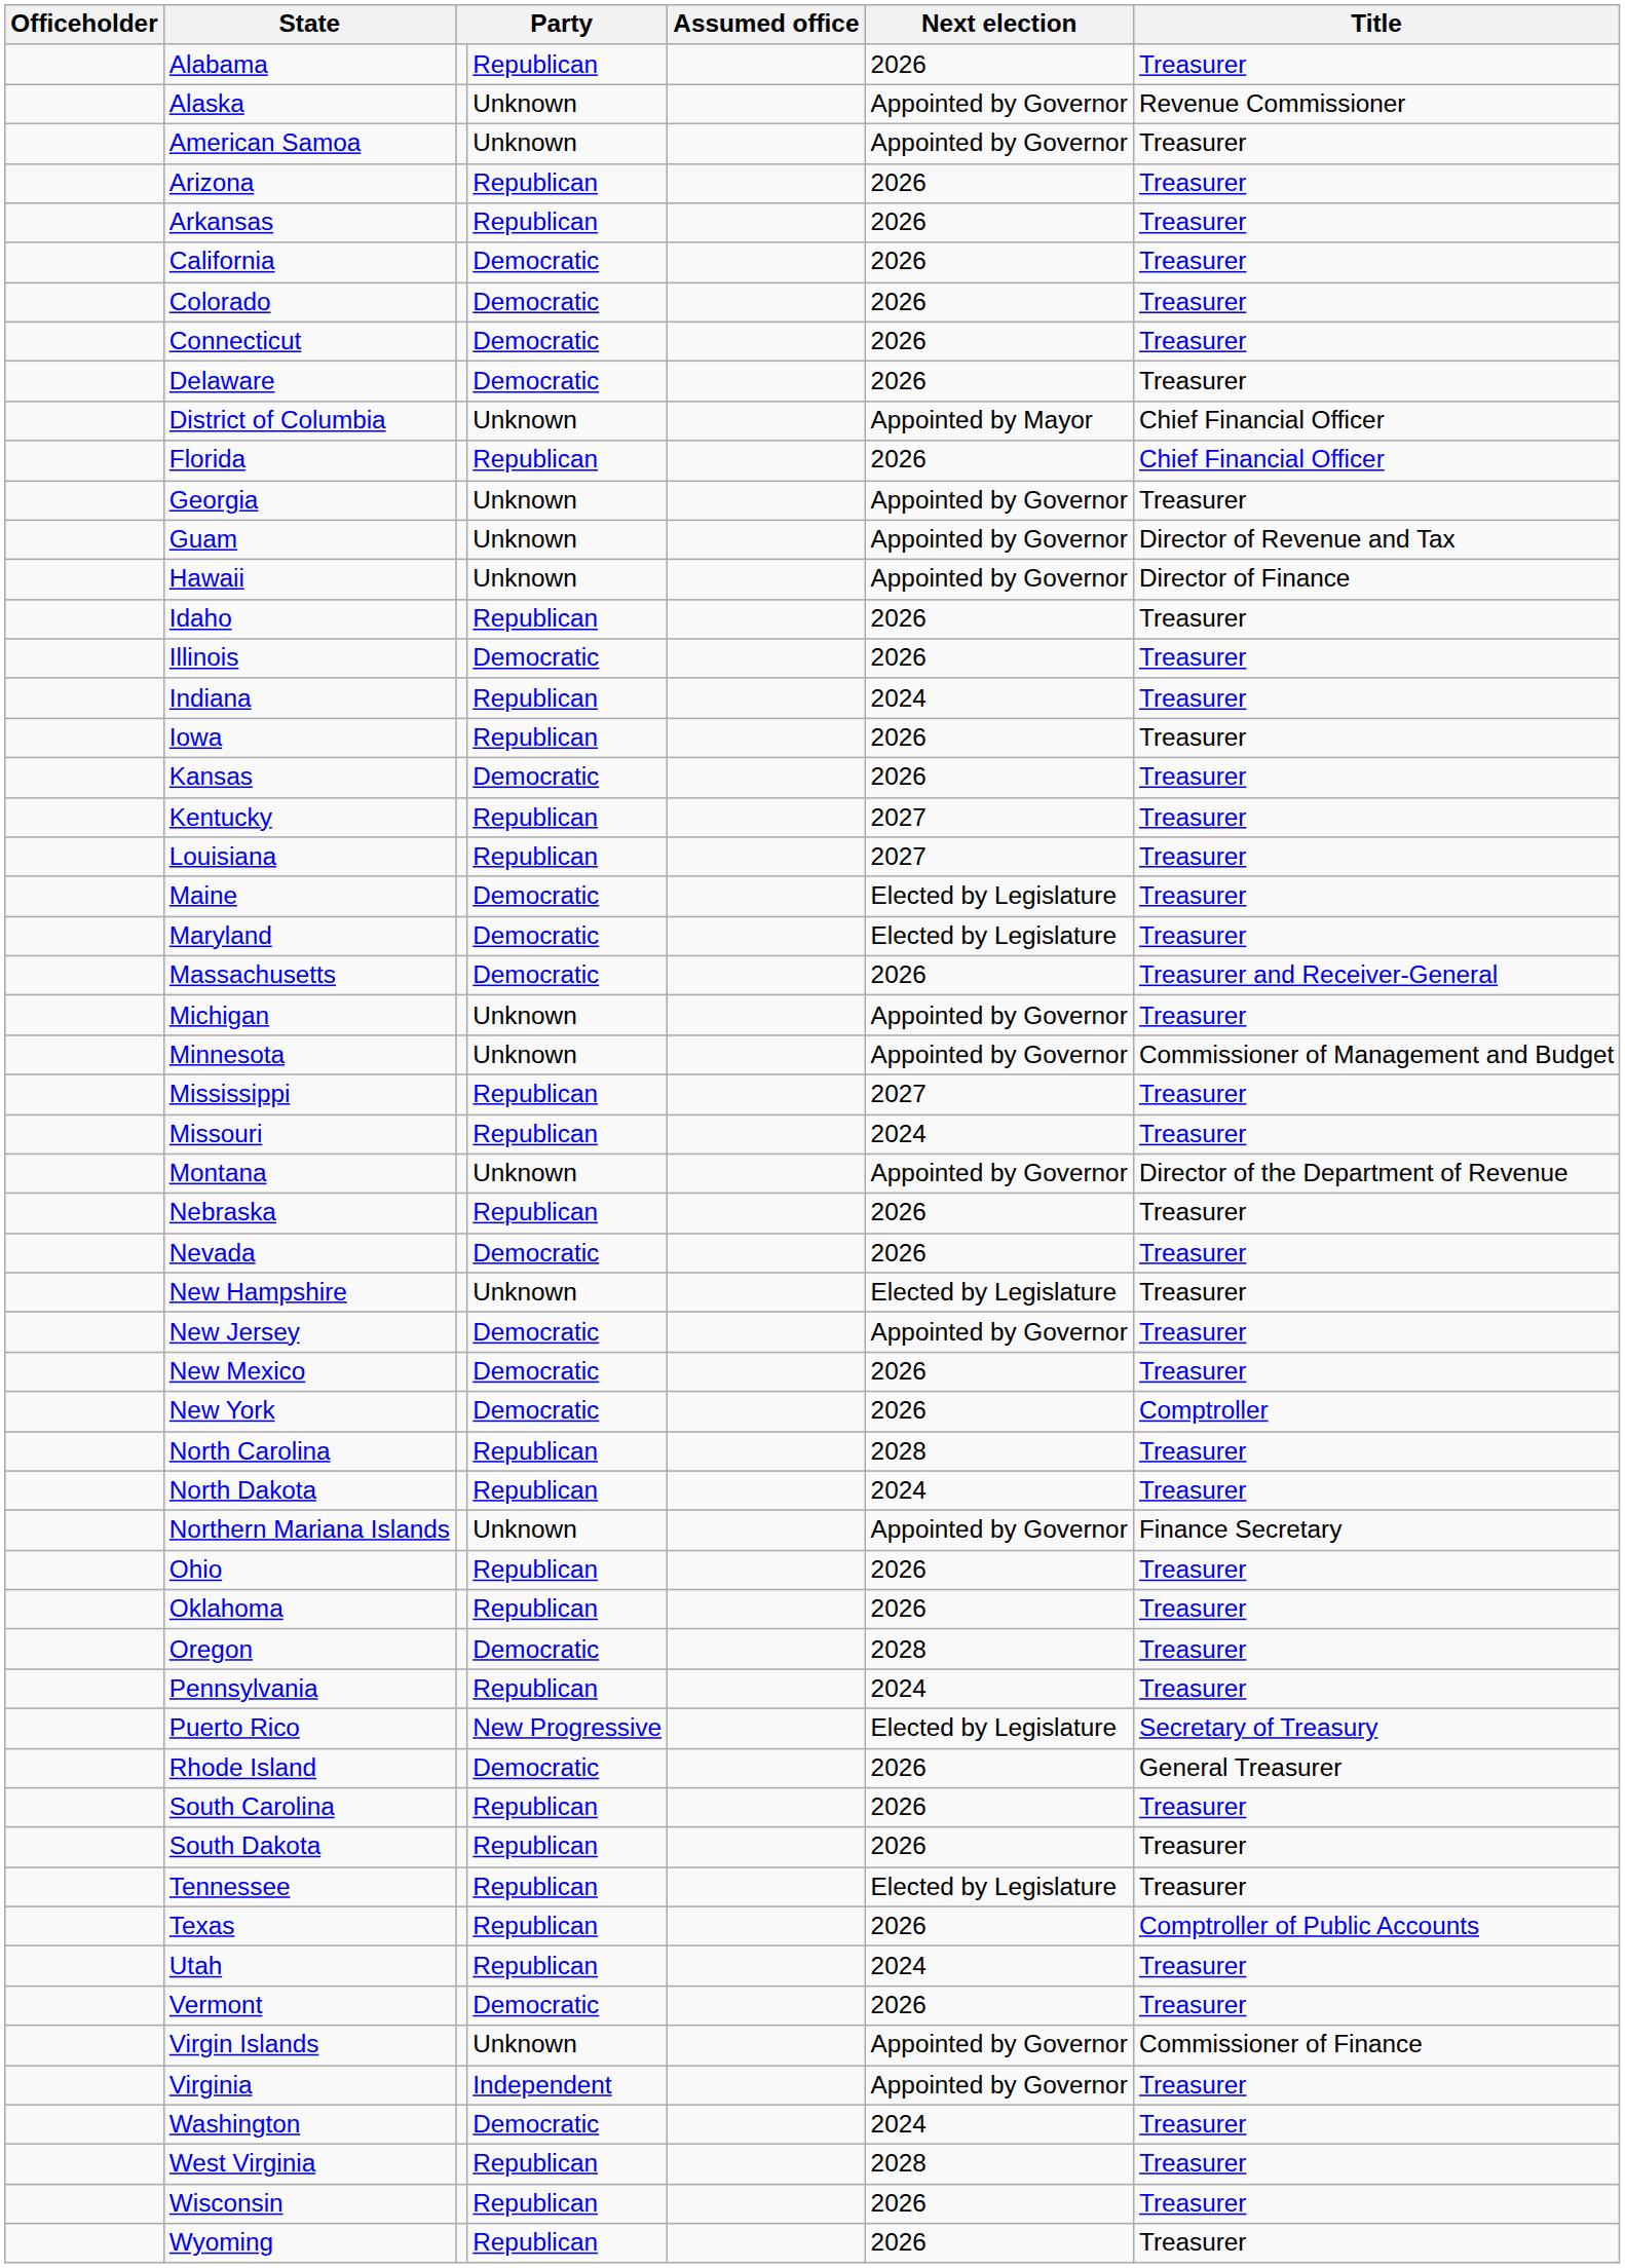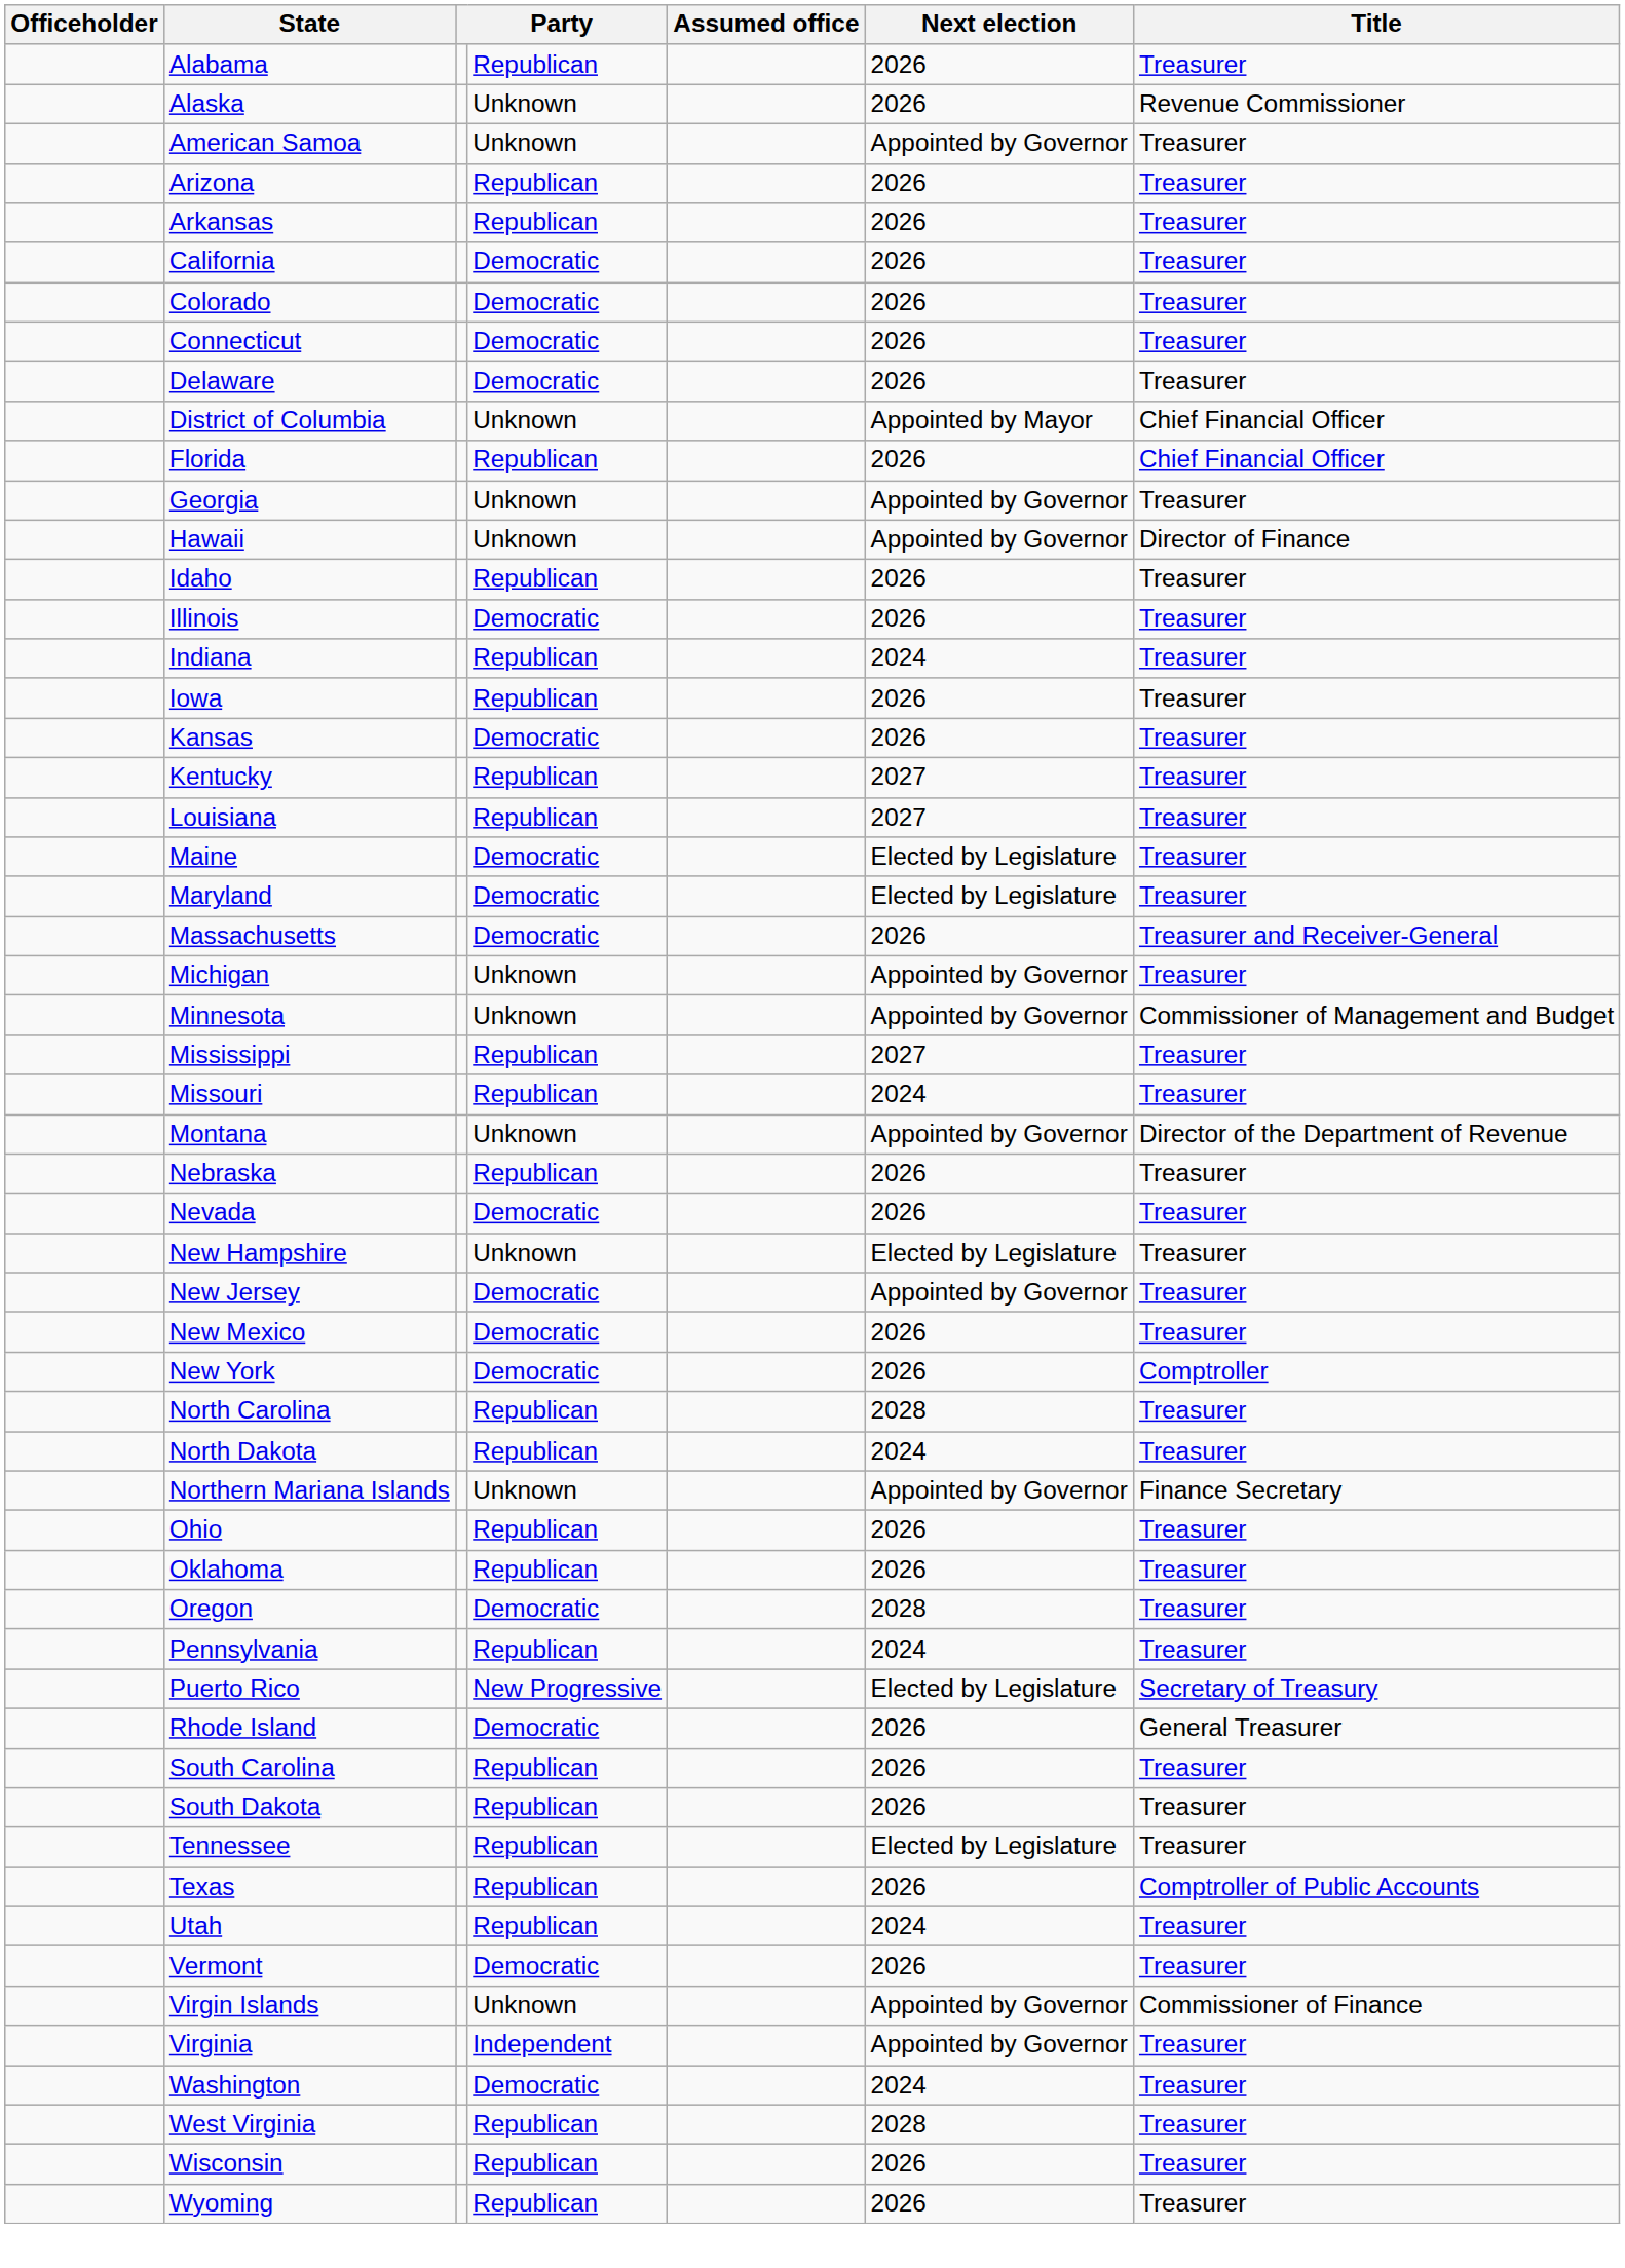 <table class="wikitable sortable">
 <tr>
 <th>Officeholder</th>
 <th>State</th>
 <th colspan=2>Party</th>
 <th>Assumed office</th>
 <th>Next election</th>
 <th>Title</th>
 </tr>
 <tr>
 <td></td>
 <td><a href='#'>Alabama</a></td>
 <td style="background-color:"></td>
 <td><a href='#'>Republican</a></td>
 <td></td>
 <td>2026</td>
 <td><a href='#'>Treasurer</a></td>
 </tr>
 <tr>
 <td></td>
 <td><a href='#'>Alaska</a></td>
 <td></td>
 <td>Unknown</td>
 <td></td>
-<td>Appointed by Governor</td>
+<td>2026</td>
 <td>Revenue Commissioner</td>
 </tr>
 <tr>
 <td></td>
 <td><a href='#'>American Samoa</a></td>
 <td></td>
 <td>Unknown</td>
 <td></td>
 <td>Appointed by Governor</td>
 <td>Treasurer</td>
 </tr>
 <tr>
 <td></td>
 <td><a href='#'>Arizona</a></td>
 <td style="background-color:"></td>
 <td><a href='#'>Republican</a></td>
 <td></td>
 <td>2026</td>
 <td><a href='#'>Treasurer</a></td>
 </tr>
 <tr>
 <td></td>
 <td><a href='#'>Arkansas</a></td>
 <td style="background-color:"></td>
 <td><a href='#'>Republican</a></td>
 <td></td>
 <td>2026</td>
 <td><a href='#'>Treasurer</a></td>
 </tr>
 <tr>
 <td></td>
 <td><a href='#'>California</a></td>
 <td style="background-color:"></td>
 <td><a href='#'>Democratic</a></td>
 <td></td>
 <td>2026</td>
 <td><a href='#'>Treasurer</a></td>
 </tr>
 <tr>
 <td></td>
 <td><a href='#'>Colorado</a></td>
 <td style="background-color:"></td>
 <td><a href='#'>Democratic</a></td>
 <td></td>
 <td>2026</td>
 <td><a href='#'>Treasurer</a></td>
 </tr>
 <tr>
 <td></td>
 <td><a href='#'>Connecticut</a></td>
 <td style="background-color:"></td>
 <td><a href='#'>Democratic</a></td>
 <td></td>
 <td>2026</td>
 <td><a href='#'>Treasurer</a></td>
 </tr>
 <tr>
 <td></td>
 <td><a href='#'>Delaware</a></td>
 <td style="background-color:"></td>
 <td><a href='#'>Democratic</a></td>
 <td></td>
 <td>2026</td>
 <td>Treasurer</td>
 </tr>
 <tr>
 <td></td>
 <td><a href='#'>District of Columbia</a></td>
 <td></td>
 <td>Unknown</td>
 <td></td>
 <td>Appointed by Mayor</td>
 <td>Chief Financial Officer</td>
 </tr>
 <tr>
 <td><br></td>
 <td><a href='#'>Florida</a></td>
 <td style="background-color:"></td>
 <td><a href='#'>Republican</a></td>
 <td></td>
 <td>2026</td>
 <td><a href='#'>Chief Financial Officer</a></td>
 </tr>
 <tr>
 <td></td>
 <td><a href='#'>Georgia</a></td>
 <td></td>
 <td>Unknown</td>
 <td></td>
 <td>Appointed by Governor</td>
 <td>Treasurer</td>
-</tr>
-<tr>
-<td><br></td>
-<td><a href='#'>Guam</a></td>
-<td></td>
-<td>Unknown</td>
-<td></td>
-<td>Appointed by Governor</td>
-<td>Director of Revenue and Tax</td>
 </tr>
 <tr>
 <td></td>
 <td><a href='#'>Hawaii</a></td>
 <td></td>
 <td>Unknown</td>
 <td></td>
 <td>Appointed by Governor</td>
 <td>Director of Finance</td>
 </tr>
 <tr>
 <td></td>
 <td><a href='#'>Idaho</a></td>
 <td style="background-color:"></td>
 <td><a href='#'>Republican</a></td>
 <td></td>
 <td>2026</td>
 <td>Treasurer</td>
 </tr>
 <tr>
 <td></td>
 <td><a href='#'>Illinois</a></td>
 <td style="background-color:"></td>
 <td><a href='#'>Democratic</a></td>
 <td></td>
 <td>2026</td>
 <td><a href='#'>Treasurer</a></td>
 </tr>
 <tr>
 <td></td>
 <td><a href='#'>Indiana</a></td>
 <td style="background-color:"></td>
 <td><a href='#'>Republican</a></td>
 <td></td>
 <td>2024</td>
 <td><a href='#'>Treasurer</a></td>
 </tr>
 <tr>
 <td></td>
 <td><a href='#'>Iowa</a></td>
 <td style="background-color:"></td>
 <td><a href='#'>Republican</a></td>
 <td></td>
 <td>2026</td>
 <td>Treasurer</td>
 </tr>
 <tr>
 <td></td>
 <td><a href='#'>Kansas</a></td>
 <td style="background-color:"></td>
 <td><a href='#'>Democratic</a></td>
 <td></td>
 <td>2026</td>
 <td><a href='#'>Treasurer</a></td>
 </tr>
 <tr>
 <td></td>
 <td><a href='#'>Kentucky</a></td>
 <td style="background-color:"></td>
 <td><a href='#'>Republican</a></td>
 <td></td>
 <td>2027</td>
 <td><a href='#'>Treasurer</a></td>
 </tr>
 <tr>
 <td></td>
 <td><a href='#'>Louisiana</a></td>
 <td style="background-color:"></td>
 <td><a href='#'>Republican</a></td>
 <td></td>
 <td>2027</td>
 <td><a href='#'>Treasurer</a></td>
 </tr>
 <tr>
 <td></td>
 <td><a href='#'>Maine</a></td>
 <td style="background-color:"></td>
 <td><a href='#'>Democratic</a></td>
 <td></td>
 <td>Elected by Legislature</td>
 <td><a href='#'>Treasurer</a></td>
 </tr>
 <tr>
 <td></td>
 <td><a href='#'>Maryland</a></td>
 <td style="background-color:"></td>
 <td><a href='#'>Democratic</a></td>
 <td></td>
 <td>Elected by Legislature</td>
 <td><a href='#'>Treasurer</a></td>
 </tr>
 <tr>
 <td></td>
 <td><a href='#'>Massachusetts</a></td>
 <td style="background-color:"></td>
 <td><a href='#'>Democratic</a></td>
 <td></td>
 <td>2026</td>
 <td><a href='#'>Treasurer and Receiver-General</a></td>
 </tr>
 <tr>
 <td></td>
 <td><a href='#'>Michigan</a></td>
 <td></td>
 <td>Unknown</td>
 <td></td>
 <td>Appointed by Governor</td>
 <td><a href='#'>Treasurer</a></td>
 </tr>
 <tr>
 <td></td>
 <td><a href='#'>Minnesota</a></td>
 <td></td>
 <td>Unknown</td>
 <td></td>
 <td>Appointed by Governor</td>
 <td>Commissioner of Management and Budget</td>
 </tr>
 <tr>
 <td></td>
 <td><a href='#'>Mississippi</a></td>
 <td style="background-color:"></td>
 <td><a href='#'>Republican</a></td>
 <td></td>
 <td>2027</td>
 <td><a href='#'>Treasurer</a></td>
 </tr>
 <tr>
 <td></td>
 <td><a href='#'>Missouri</a></td>
 <td style="background-color:"></td>
 <td><a href='#'>Republican</a></td>
 <td></td>
 <td>2024</td>
 <td><a href='#'>Treasurer</a></td>
 </tr>
 <tr>
 <td></td>
 <td><a href='#'>Montana</a></td>
 <td></td>
 <td>Unknown</td>
 <td></td>
 <td>Appointed by Governor</td>
 <td>Director of the Department of Revenue</td>
 </tr>
 <tr>
 <td></td>
 <td><a href='#'>Nebraska</a></td>
 <td style="background-color:"></td>
 <td><a href='#'>Republican</a></td>
 <td></td>
 <td>2026</td>
 <td>Treasurer</td>
 </tr>
 <tr>
 <td></td>
 <td><a href='#'>Nevada</a></td>
 <td style="background-color:"></td>
 <td><a href='#'>Democratic</a></td>
 <td></td>
 <td>2026</td>
 <td><a href='#'>Treasurer</a></td>
 </tr>
 <tr>
 <td></td>
 <td><a href='#'>New Hampshire</a></td>
 <td></td>
 <td>Unknown</td>
 <td><br></td>
 <td>Elected by Legislature</td>
 <td>Treasurer</td>
 </tr>
 <tr>
 <td></td>
 <td><a href='#'>New Jersey</a></td>
 <td style="background-color:"></td>
 <td><a href='#'>Democratic</a></td>
 <td></td>
 <td>Appointed by Governor</td>
 <td><a href='#'>Treasurer</a></td>
 </tr>
 <tr>
 <td></td>
 <td><a href='#'>New Mexico</a></td>
 <td style="background-color:"></td>
 <td><a href='#'>Democratic</a></td>
 <td></td>
 <td>2026</td>
 <td><a href='#'>Treasurer</a></td>
 </tr>
 <tr>
 <td></td>
 <td><a href='#'>New York</a></td>
 <td style="background-color:"></td>
 <td><a href='#'>Democratic</a></td>
 <td></td>
 <td>2026</td>
 <td><a href='#'>Comptroller</a></td>
 </tr>
 <tr>
 <td></td>
 <td><a href='#'>North Carolina</a></td>
 <td style="background-color:"></td>
 <td><a href='#'>Republican</a></td>
 <td></td>
 <td>2028</td>
 <td><a href='#'>Treasurer</a></td>
 </tr>
 <tr>
 <td></td>
 <td><a href='#'>North Dakota</a></td>
 <td style="background-color:"></td>
 <td><a href='#'>Republican</a></td>
 <td></td>
 <td>2024</td>
 <td><a href='#'>Treasurer</a></td>
 </tr>
 <tr>
 <td></td>
 <td><a href='#'>Northern Mariana Islands</a></td>
 <td></td>
 <td>Unknown</td>
 <td></td>
 <td>Appointed by Governor</td>
 <td>Finance Secretary</td>
 </tr>
 <tr>
 <td></td>
 <td><a href='#'>Ohio</a></td>
 <td style="background-color:"></td>
 <td><a href='#'>Republican</a></td>
 <td></td>
 <td>2026</td>
 <td><a href='#'>Treasurer</a></td>
 </tr>
 <tr>
 <td></td>
 <td><a href='#'>Oklahoma</a></td>
 <td style="background-color:"></td>
 <td><a href='#'>Republican</a></td>
 <td></td>
 <td>2026</td>
 <td><a href='#'>Treasurer</a></td>
 </tr>
 <tr>
 <td></td>
 <td><a href='#'>Oregon</a></td>
 <td style="background-color:"></td>
 <td><a href='#'>Democratic</a></td>
 <td></td>
 <td>2028</td>
 <td><a href='#'>Treasurer</a></td>
 </tr>
 <tr>
 <td></td>
 <td><a href='#'>Pennsylvania</a></td>
 <td style="background-color:"></td>
 <td><a href='#'>Republican</a></td>
 <td></td>
 <td>2024</td>
 <td><a href='#'>Treasurer</a></td>
 </tr>
 <tr>
 <td></td>
 <td><a href='#'>Puerto Rico</a></td>
 <td style="background-color:"></td>
 <td><a href='#'>New Progressive</a></td>
 <td><br></td>
 <td>Elected by Legislature</td>
 <td><a href='#'>Secretary of Treasury</a></td>
 </tr>
 <tr>
 <td></td>
 <td><a href='#'>Rhode Island</a></td>
 <td style="background-color:"></td>
 <td><a href='#'>Democratic</a></td>
 <td></td>
 <td>2026</td>
 <td>General Treasurer</td>
 </tr>
 <tr>
 <td></td>
 <td><a href='#'>South Carolina</a></td>
 <td style="background-color:"></td>
 <td><a href='#'>Republican</a></td>
 <td></td>
 <td>2026</td>
 <td><a href='#'>Treasurer</a></td>
 </tr>
 <tr>
 <td></td>
 <td><a href='#'>South Dakota</a></td>
 <td style="background-color:"></td>
 <td><a href='#'>Republican</a></td>
 <td></td>
 <td>2026</td>
 <td>Treasurer</td>
 </tr>
 <tr>
 <td></td>
 <td><a href='#'>Tennessee</a></td>
 <td style="background-color:"></td>
 <td><a href='#'>Republican</a></td>
 <td></td>
 <td>Elected by Legislature</td>
 <td>Treasurer</td>
 </tr>
 <tr>
 <td></td>
 <td><a href='#'>Texas</a></td>
 <td style="background-color:"></td>
 <td><a href='#'>Republican</a></td>
 <td></td>
 <td>2026</td>
 <td><a href='#'>Comptroller of Public Accounts</a></td>
 </tr>
 <tr>
 <td></td>
 <td><a href='#'>Utah</a></td>
 <td style="background-color:"></td>
 <td><a href='#'>Republican</a></td>
 <td></td>
 <td>2024</td>
 <td><a href='#'>Treasurer</a></td>
 </tr>
 <tr>
 <td></td>
 <td><a href='#'>Vermont</a></td>
 <td style="background-color:"></td>
 <td><a href='#'>Democratic</a></td>
 <td></td>
 <td>2026</td>
 <td><a href='#'>Treasurer</a></td>
 </tr>
 <tr>
 <td></td>
 <td><a href='#'>Virgin Islands</a></td>
 <td></td>
 <td>Unknown</td>
 <td><br></td>
 <td>Appointed by Governor</td>
 <td>Commissioner of Finance</td>
 </tr>
 <tr>
 <td></td>
 <td><a href='#'>Virginia</a></td>
 <td style="background-color:"></td>
 <td><a href='#'>Independent</a></td>
 <td></td>
 <td>Appointed by Governor</td>
 <td><a href='#'>Treasurer</a></td>
 </tr>
 <tr>
 <td></td>
 <td><a href='#'>Washington</a></td>
 <td style="background-color:"></td>
 <td><a href='#'>Democratic</a></td>
 <td></td>
 <td>2024</td>
 <td><a href='#'>Treasurer</a></td>
 </tr>
 <tr>
 <td></td>
 <td><a href='#'>West Virginia</a></td>
 <td style="background-color:"></td>
 <td><a href='#'>Republican</a></td>
 <td></td>
 <td>2028</td>
 <td><a href='#'>Treasurer</a></td>
 </tr>
 <tr>
 <td></td>
 <td><a href='#'>Wisconsin</a></td>
 <td style="background-color:"></td>
 <td><a href='#'>Republican</a></td>
 <td></td>
 <td>2026</td>
 <td><a href='#'>Treasurer</a></td>
 </tr>
 <tr>
 <td></td>
 <td><a href='#'>Wyoming</a></td>
 <td style="background-color:"></td>
 <td><a href='#'>Republican</a></td>
 <td></td>
 <td>2026</td>
 <td>Treasurer</td>
 </tr>
 </table>
